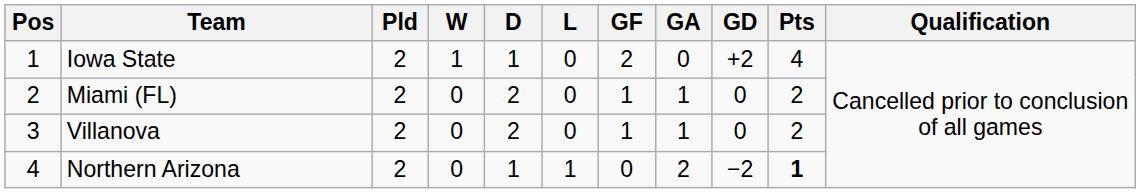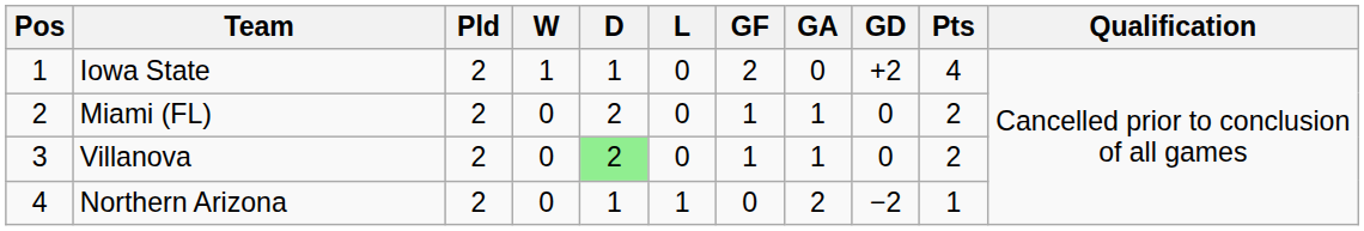 <table class="wikitable" style="text-align:center; margin: 1em auto">
 <tr>
 <th style="width:2em">Pos</th>
 <th style="width:13em">Team</th>
 <th style="width:2em">Pld</th>
 <th style="width:2em">W</th>
 <th style="width:2em">D</th>
 <th style="width:2em">L</th>
 <th style="width:2em">GF</th>
 <th style="width:2em">GA</th>
 <th style="width:2em">GD</th>
 <th style="width:2em">Pts</th>
 <th style="width:13em">Qualification</th>
 </tr>
 <tr>
 <td>1</td>
 <td style="text-align:left">Iowa State</td>
 <td>2</td>
 <td>1</td>
 <td>1</td>
 <td>0</td>
 <td>2</td>
 <td>0</td>
 <td>+2</td>
 <td>4</td>
 <td rowspan="4">Cancelled prior to conclusion of all games</td>
 </tr>
 <tr>
 <td>2</td>
 <td style="text-align:left">Miami (FL)</td>
 <td>2</td>
 <td>0</td>
 <td>2</td>
 <td>0</td>
 <td>1</td>
 <td>1</td>
 <td>0</td>
 <td>2</td>
 </tr>
 <tr>
 <td>3</td>
 <td style="text-align:left">Villanova</td>
 <td>2</td>
 <td>0</td>
-<td>2</td>
+<td style="background: lightgreen;">2</td>
 <td>0</td>
 <td>1</td>
 <td>1</td>
 <td>0</td>
 <td>2</td>
 </tr>
 <tr>
 <td>4</td>
 <td style="text-align:left">Northern Arizona</td>
 <td>2</td>
 <td>0</td>
 <td>1</td>
 <td>1</td>
 <td>0</td>
 <td>2</td>
 <td>−2</td>
-<td><strong>1</strong></td>
+<td>1</td>
 </tr>
 </table>
